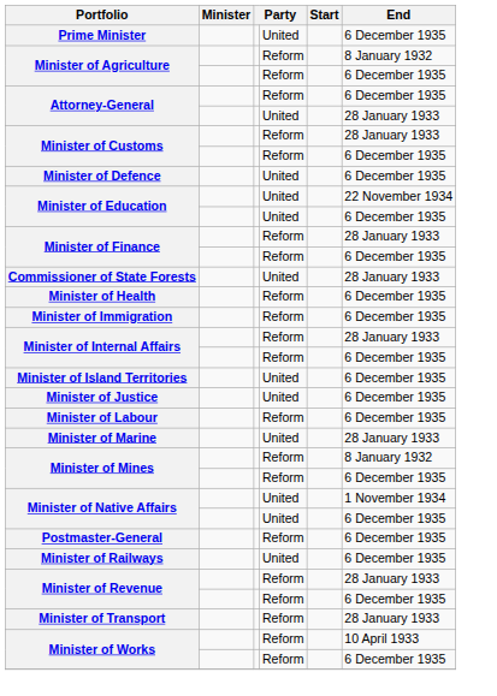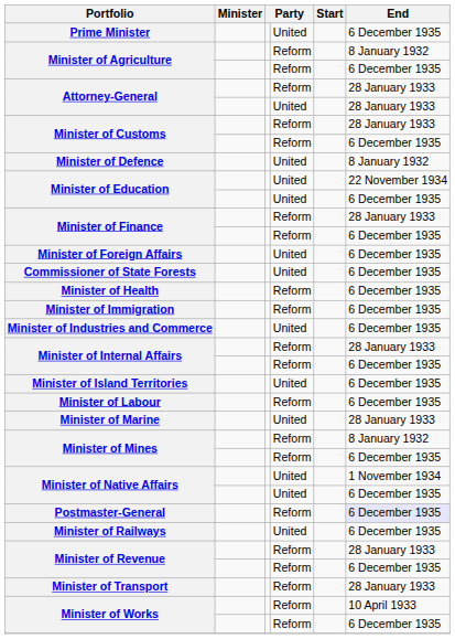 <table class="sortable wikitable">
 <tr>
 <th scope="col">Portfolio</th>
 <th scope="col">Minister</th>
 <th scope="col" colspan="2">Party</th>
 <th scope="col">Start</th>
 <th scope="col">End</th>
 </tr>
 <tr>
 <th scope="row"><a href='#'>Prime Minister</a></th>
 <td></td>
 <td style="background:"></td>
 <td>United</td>
 <td></td>
 <td>6 December 1935</td>
 </tr>
 <tr>
 <th rowspan="2" scope="row"><a href='#'>Minister of Agriculture</a></th>
 <td></td>
 <td style="background:"></td>
 <td>Reform</td>
 <td></td>
 <td>8 January 1932</td>
 </tr>
 <tr>
 <td></td>
 <td style="background:"></td>
 <td>Reform</td>
 <td></td>
 <td>6 December 1935</td>
 </tr>
 <tr>
 <th rowspan="2" scope="row"><a href='#'>Attorney-General</a></th>
 <td></td>
 <td style="background:"></td>
 <td>Reform</td>
 <td></td>
-<td>6 December 1935</td>
+<td>28 January 1933</td>
 </tr>
 <tr>
 <td></td>
 <td style="background:"></td>
 <td>United</td>
 <td></td>
 <td>28 January 1933</td>
 </tr>
 <tr>
 <th rowspan="2" scope="row"><a href='#'>Minister of Customs</a></th>
 <td></td>
 <td style="background:"></td>
 <td>Reform</td>
 <td></td>
 <td>28 January 1933</td>
 </tr>
 <tr>
 <td></td>
 <td style="background:"></td>
 <td>Reform</td>
 <td></td>
 <td>6 December 1935</td>
 </tr>
 <tr>
 <th scope="row"><a href='#'>Minister of Defence</a></th>
 <td></td>
 <td style="background:"></td>
 <td>United</td>
 <td></td>
-<td>6 December 1935</td>
+<td>8 January 1932</td>
 </tr>
 <tr>
 <th rowspan="2" scope="row"><a href='#'>Minister of Education</a></th>
 <td></td>
 <td style="background:"></td>
 <td>United</td>
 <td></td>
 <td>22 November 1934</td>
 </tr>
 <tr>
 <td></td>
 <td style="background:"></td>
 <td>United</td>
 <td></td>
 <td>6 December 1935</td>
 </tr>
 <tr>
 <th rowspan="2" scope="row"><a href='#'>Minister of Finance</a></th>
 <td></td>
 <td style="background:"></td>
 <td>Reform</td>
 <td></td>
 <td>28 January 1933</td>
 </tr>
 <tr>
 <td></td>
 <td style="background:"></td>
 <td>Reform</td>
 <td></td>
 <td>6 December 1935</td>
 </tr>
 <tr>
+<th scope="row"><a href='#'>Minister of Foreign Affairs</a></th>
+<td></td>
+<td style="background:"></td>
+<td>United</td>
+<td></td>
+<td>6 December 1935</td>
+</tr>
+<tr>
 <th scope="row"><a href='#'>Commissioner of State Forests</a></th>
 <td></td>
 <td style="background:"></td>
 <td>United</td>
 <td></td>
-<td>28 January 1933</td>
+<td>6 December 1935</td>
 </tr>
 <tr>
 <th scope="row"><a href='#'>Minister of Health</a></th>
 <td></td>
 <td style="background:"></td>
 <td>Reform</td>
 <td></td>
 <td>6 December 1935</td>
 </tr>
 <tr>
 <th scope="row"><a href='#'>Minister of Immigration</a></th>
 <td></td>
 <td style="background:"></td>
 <td>Reform</td>
+<td></td>
+<td>6 December 1935</td>
+</tr>
+<tr>
+<th scope="row"><a href='#'>Minister of Industries and Commerce</a></th>
+<td></td>
+<td style="background:"></td>
+<td>United</td>
 <td></td>
 <td>6 December 1935</td>
 </tr>
 <tr>
 <th rowspan="2" scope="row"><a href='#'>Minister of Internal Affairs</a></th>
 <td></td>
 <td style="background:"></td>
 <td>Reform</td>
 <td></td>
 <td>28 January 1933</td>
 </tr>
 <tr>
 <td></td>
 <td style="background:"></td>
 <td>Reform</td>
 <td></td>
 <td>6 December 1935</td>
 </tr>
 <tr>
 <th scope="row"><a href='#'>Minister of Island Territories</a></th>
-<td></td>
-<td style="background:"></td>
-<td>United</td>
-<td></td>
-<td>6 December 1935</td>
-</tr>
-<tr>
-<th scope="row"><a href='#'>Minister of Justice</a></th>
 <td></td>
 <td style="background:"></td>
 <td>United</td>
 <td></td>
 <td>6 December 1935</td>
 </tr>
 <tr>
 <th scope="row"><a href='#'>Minister of Labour</a></th>
 <td></td>
 <td style="background:"></td>
 <td>Reform</td>
 <td></td>
 <td>6 December 1935</td>
 </tr>
 <tr>
 <th scope="row"><a href='#'>Minister of Marine</a></th>
 <td></td>
 <td style="background:"></td>
 <td>United</td>
 <td></td>
 <td>28 January 1933</td>
 </tr>
 <tr>
 <th rowspan="2" scope="row"><a href='#'>Minister of Mines</a></th>
 <td></td>
 <td style="background:"></td>
 <td>Reform</td>
 <td></td>
 <td>8 January 1932</td>
 </tr>
 <tr>
 <td></td>
 <td style="background:"></td>
 <td>Reform</td>
 <td></td>
 <td>6 December 1935</td>
 </tr>
 <tr>
 <th rowspan="2" scope="row"><a href='#'>Minister of Native Affairs</a></th>
 <td></td>
 <td style="background:"></td>
 <td>United</td>
 <td></td>
 <td>1 November 1934</td>
 </tr>
 <tr>
 <td></td>
 <td style="background:"></td>
 <td>United</td>
 <td></td>
 <td>6 December 1935</td>
 </tr>
 <tr>
 <th scope="row"><a href='#'>Postmaster-General</a></th>
 <td></td>
 <td style="background:"></td>
 <td>Reform</td>
 <td></td>
-<td>6 December 1935</td>
+<td style="background: lavender;">6 December 1935</td>
 </tr>
 <tr>
 <th scope="row"><a href='#'>Minister of Railways</a></th>
 <td></td>
 <td style="background:"></td>
 <td>United</td>
 <td></td>
 <td>6 December 1935</td>
 </tr>
 <tr>
 <th rowspan="2" scope="row"><a href='#'>Minister of Revenue</a></th>
 <td></td>
 <td style="background:"></td>
 <td>Reform</td>
 <td></td>
 <td>28 January 1933</td>
 </tr>
 <tr>
 <td></td>
 <td style="background:"></td>
 <td>Reform</td>
 <td></td>
 <td>6 December 1935</td>
 </tr>
 <tr>
 <th scope="row"><a href='#'>Minister of Transport</a></th>
 <td></td>
 <td style="background:"></td>
 <td>Reform</td>
 <td></td>
 <td>28 January 1933</td>
 </tr>
 <tr>
 <th rowspan="2" scope="row"><a href='#'>Minister of Works</a></th>
 <td></td>
 <td style="background:"></td>
 <td>Reform</td>
 <td></td>
 <td>10 April 1933</td>
 </tr>
 <tr>
 <td></td>
 <td style="background:"></td>
 <td>Reform</td>
 <td></td>
 <td>6 December 1935</td>
 </tr>
 <tr>
 </tr>
 </table>
